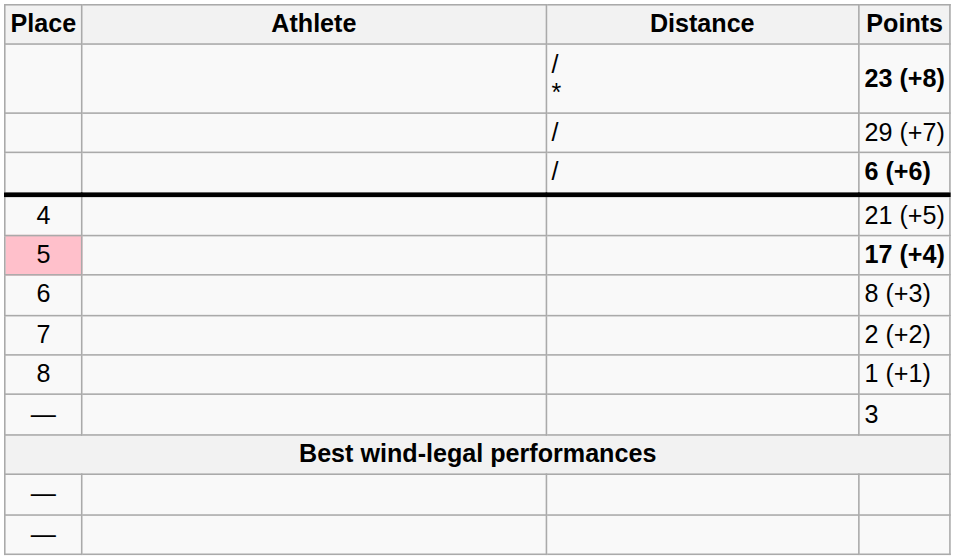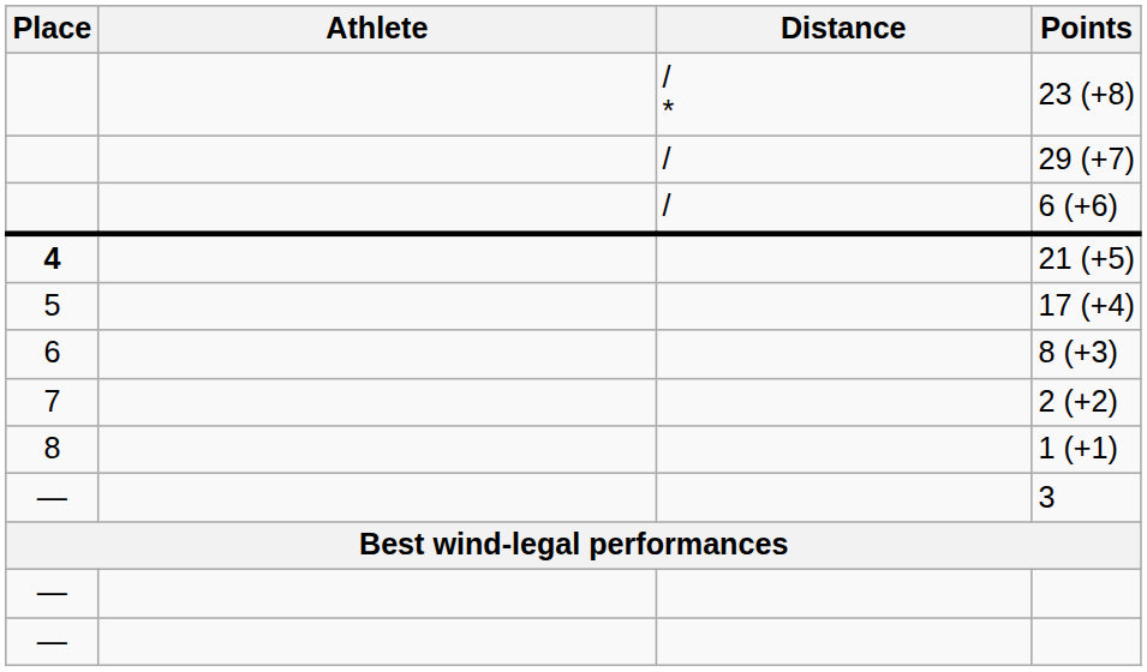 <table class="wikitable sortable">
 <tr>
 <th>Place</th>
 <th style="width:18em">Athlete</th>
 <th style="width:12em">Distance</th>
 <th>Points</th>
 </tr>
 <tr>
 <td align=center></td>
 <td></td>
 <td>  /<br><em> </em>  *</td>
-<td><strong>23 (+8)</strong></td>
+<td>23 (+8)</td>
 </tr>
 <tr>
 <td align=center></td>
 <td></td>
 <td>  /<br><em> </em></td>
 <td>29 (+7)</td>
 </tr>
 <tr>
 <td align=center></td>
 <td></td>
 <td>  /<br><em> </em></td>
-<td><strong>6 (+6)</strong></td>
+<td>6 (+6)</td>
 </tr>
 <tr style="border-top:3px solid black;">
-<td align=center>4</td>
+<td align=center><strong>4</strong></td>
 <td></td>
 <td> </td>
 <td>21 (+5)</td>
 </tr>
 <tr>
-<td align=center style="background: pink;">5</td>
+<td align=center>5</td>
 <td></td>
 <td> </td>
-<td><strong>17 (+4)</strong></td>
+<td>17 (+4)</td>
 </tr>
 <tr>
 <td align=center>6</td>
 <td></td>
 <td> </td>
 <td>8 (+3)</td>
 </tr>
 <tr>
 <td align=center>7</td>
 <td></td>
 <td> </td>
 <td>2 (+2)</td>
 </tr>
 <tr>
 <td align=center>8</td>
 <td></td>
 <td> </td>
 <td>1 (+1)</td>
 </tr>
 <tr>
 <td align=center>—</td>
 <td></td>
 <td></td>
 <td>3</td>
 </tr>
 <tr>
 <th align=center colspan=5>Best wind-legal performances</th>
 </tr>
 <tr>
 <td align=center>—</td>
 <td></td>
 <td> </td>
 <td></td>
 </tr>
 <tr>
 <td align=center>—</td>
 <td></td>
 <td> </td>
 <td></td>
 </tr>
 </table>
